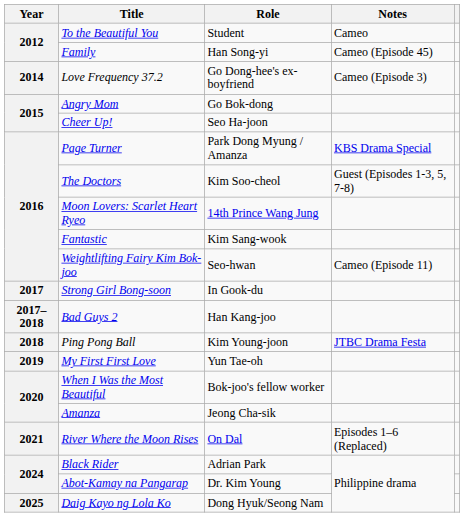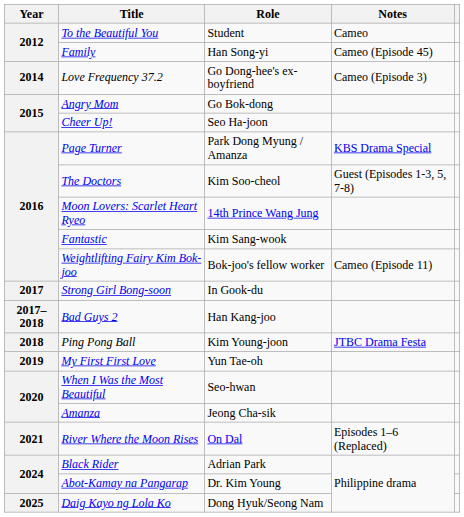 <table class="wikitable sortable plainrowheaders">
 <tr>
 <th scope="col">Year</th>
 <th scope="col">Title</th>
 <th scope="col">Role</th>
 <th scope="col">Notes</th>
 <th scope="col" class="unsortable"></th>
 </tr>
 <tr>
 <th scope="row" rowspan="2">2012</th>
 <td><em><a href='#'>To the Beautiful You</a></em></td>
 <td>Student</td>
 <td>Cameo</td>
 <td></td>
 </tr>
 <tr>
 <td><em><a href='#'>Family</a></em></td>
 <td>Han Song-yi</td>
 <td>Cameo (Episode 45)</td>
 <td></td>
 </tr>
 <tr>
 <th scope="row">2014</th>
 <td><em>Love Frequency 37.2</em></td>
 <td>Go Dong-hee's ex-boyfriend</td>
 <td>Cameo (Episode 3)</td>
 <td></td>
 </tr>
 <tr>
 <th scope="row" rowspan="2">2015</th>
 <td><em><a href='#'>Angry Mom</a></em></td>
 <td>Go Bok-dong</td>
 <td></td>
 <td align="center"></td>
 </tr>
 <tr>
 <td><em><a href='#'>Cheer Up!</a></em></td>
 <td>Seo Ha-joon</td>
 <td></td>
 <td align="center"></td>
 </tr>
 <tr>
 <th scope="row" rowspan="5">2016</th>
 <td><em><a href='#'>Page Turner</a></em></td>
 <td>Park Dong Myung / Amanza</td>
 <td><a href='#'>KBS Drama Special</a></td>
 <td align="center"></td>
 </tr>
 <tr>
 <td><em><a href='#'>The Doctors</a></em></td>
 <td>Kim Soo-cheol</td>
 <td>Guest (Episodes 1-3, 5, 7-8)</td>
 <td align="center"></td>
 </tr>
 <tr>
 <td><em><a href='#'>Moon Lovers: Scarlet Heart Ryeo</a></em></td>
 <td><a href='#'>14th Prince Wang Jung</a></td>
 <td></td>
 <td align="center"></td>
 </tr>
 <tr>
 <td><em><a href='#'>Fantastic</a></em></td>
 <td>Kim Sang-wook</td>
 <td></td>
 <td align="center"></td>
 </tr>
 <tr>
 <td><em><a href='#'>Weightlifting Fairy Kim Bok-joo</a></em></td>
-<td>Seo-hwan</td>
+<td>Bok-joo's fellow worker</td>
 <td>Cameo (Episode 11)</td>
 <td align="center"></td>
 </tr>
 <tr>
 <th scope="row">2017</th>
 <td><em><a href='#'>Strong Girl Bong-soon</a></em></td>
 <td>In Gook-du</td>
 <td></td>
 <td align="center"></td>
 </tr>
 <tr>
 <th scope="row">2017–2018</th>
 <td><em><a href='#'>Bad Guys 2</a></em></td>
 <td>Han Kang-joo</td>
 <td></td>
 <td align="center"></td>
 </tr>
 <tr>
 <th scope="row">2018</th>
 <td><em>Ping Pong Ball</em></td>
 <td>Kim Young-joon</td>
 <td><a href='#'>JTBC Drama Festa</a></td>
 <td align="center"></td>
 </tr>
 <tr>
 <th scope="row">2019</th>
 <td><em><a href='#'>My First First Love</a></em></td>
 <td>Yun Tae-oh</td>
 <td></td>
 <td align="center"></td>
 </tr>
 <tr>
 <th scope="row" rowspan="2">2020</th>
 <td><em><a href='#'>When I Was the Most Beautiful</a></em></td>
-<td>Bok-joo's fellow worker</td>
+<td>Seo-hwan</td>
 <td></td>
 <td align="center"></td>
 </tr>
 <tr>
 <td><em><a href='#'>Amanza</a></em></td>
 <td>Jeong Cha-sik</td>
 <td></td>
 <td align="center"></td>
 </tr>
 <tr>
 <th scope="row">2021</th>
 <td><em><a href='#'>River Where the Moon Rises</a></em></td>
 <td><a href='#'>On Dal</a></td>
 <td>Episodes 1–6 (Replaced)</td>
 <td align="center"></td>
 </tr>
 <tr>
 <th scope="row" rowspan="2">2024</th>
 <td><em><a href='#'>Black Rider</a></em></td>
 <td>Adrian Park</td>
 <td scope="row" rowspan="3">Philippine drama</td>
 <td align="center"></td>
 </tr>
 <tr>
 <td><em><a href='#'>Abot-Kamay na Pangarap</a></em></td>
 <td>Dr. Kim Young</td>
 <td align="center"></td>
 </tr>
 <tr>
 <th scope="row">2025</th>
 <td><em><a href='#'>Daig Kayo ng Lola Ko</a></em></td>
 <td>Dong Hyuk/Seong Nam</td>
 <td align="center"></td>
 </tr>
 </table>
